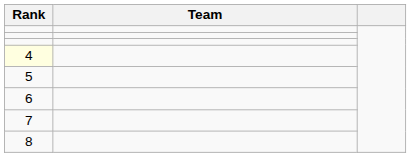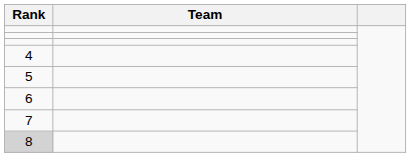 <table class="wikitable" style="text-align: center;">
 <tr>
 <th width=50>Rank</th>
 <th width=350>Team</th>
 <th width=50></th>
 </tr>
 <tr>
 <td></td>
 <td align="left"></td>
 <td rowspan="8"></td>
 </tr>
 <tr>
 <td></td>
 <td align="left"></td>
 </tr>
 <tr>
 <td></td>
 <td align="left"></td>
 </tr>
 <tr>
-<td style="background: lightyellow;">4</td>
+<td>4</td>
 <td align="left"></td>
 </tr>
 <tr>
 <td>5</td>
 <td align="left"></td>
 </tr>
 <tr>
 <td>6</td>
 <td align="left"></td>
 </tr>
 <tr>
 <td>7</td>
 <td align="left"></td>
 </tr>
 <tr>
-<td>8</td>
+<td style="background: lightgrey;">8</td>
 <td align="left"></td>
 </tr>
 </table>
